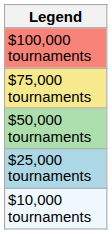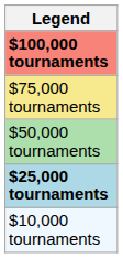 <table class="wikitable" style="font-size:85%;" width=15%>
 <tr>
 <th>Legend</th>
 </tr>
 <tr style="background:#f88379;">
-<td>$100,000 tournaments</td>
+<td><strong>$100,000 tournaments</strong></td>
 </tr>
 <tr style="background:#f7e98e;">
 <td>$75,000 tournaments</td>
 </tr>
 <tr style="background:#addfad;">
 <td>$50,000 tournaments</td>
 </tr>
 <tr style="background:lightblue;">
-<td>$25,000 tournaments</td>
+<td><strong>$25,000 tournaments</strong></td>
 </tr>
 <tr style="background:#f0f8ff;">
 <td>$10,000 tournaments</td>
 </tr>
 </table>
